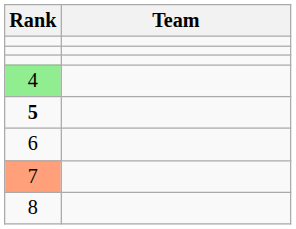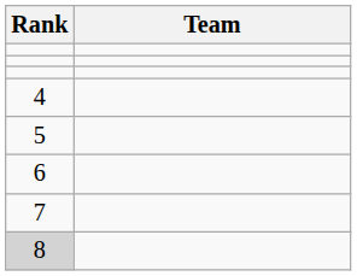 <table class="wikitable" style="text-align:center;">
 <tr>
 <th>Rank</th>
 <th width=175>Team</th>
 </tr>
 <tr>
 <td></td>
 <td align=left></td>
 </tr>
 <tr>
 <td></td>
 <td align=left></td>
 </tr>
 <tr>
 <td></td>
 <td align=left></td>
 </tr>
 <tr>
-<td style="background: lightgreen;">4</td>
+<td>4</td>
 <td align=left></td>
 </tr>
 <tr>
-<td><strong>5</strong></td>
+<td>5</td>
 <td align=left></td>
 </tr>
 <tr>
 <td>6</td>
 <td align=left></td>
 </tr>
 <tr>
-<td style="background: lightsalmon;">7</td>
+<td>7</td>
 <td align=left></td>
 </tr>
 <tr>
-<td>8</td>
+<td style="background: lightgrey;">8</td>
 <td align=left></td>
 </tr>
 </table>
